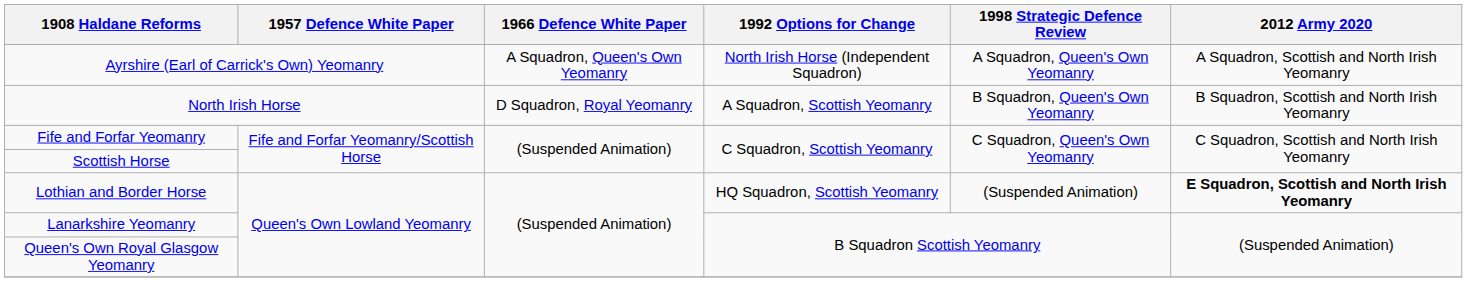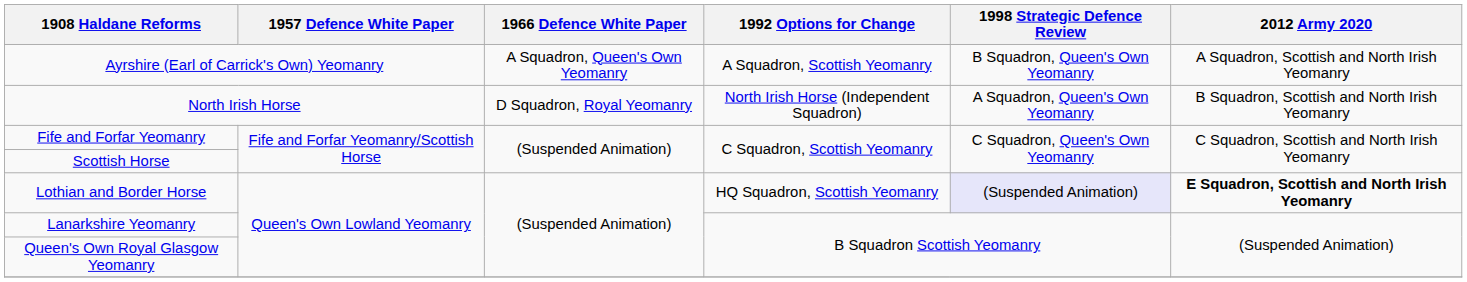 <table class="wikitable">
 <tr>
 <th>1908 <a href='#'>Haldane Reforms</a></th>
 <th>1957 <a href='#'>Defence White Paper</a></th>
 <th>1966 <a href='#'>Defence White Paper</a></th>
 <th>1992 <a href='#'>Options for Change</a></th>
 <th>1998 <a href='#'>Strategic Defence Review</a></th>
 <th>2012 <a href='#'>Army 2020</a></th>
 </tr>
 <tr>
 <td rowspan="1" colspan="2" style="text-align: center;"><a href='#'>Ayrshire (Earl of Carrick's Own) Yeomanry</a></td>
 <td rowspan="1" colspan="1" style="text-align: center;">A Squadron, <a href='#'>Queen's Own Yeomanry</a></td>
-<td rowspan="1" colspan="1" style="text-align: center;"><a href='#'>North Irish Horse</a> (Independent Squadron)</td>
-<td rowspan="1" colspan="1" style="text-align: center;">A Squadron, <a href='#'>Queen's Own Yeomanry</a></td>
+<td rowspan="1" colspan="1" style="text-align: center;">A Squadron, <a href='#'>Scottish Yeomanry</a></td>
+<td rowspan="1" colspan="1" style="text-align: center;">B Squadron, <a href='#'>Queen's Own Yeomanry</a></td>
 <td rowspan="1" colspan="1" style="text-align: center;">A Squadron, Scottish and North Irish Yeomanry</td>
 </tr>
 <tr>
 <td rowspan="1" colspan="2" style="text-align: center;"><a href='#'>North Irish Horse</a></td>
 <td rowspan="1" colspan="1" style="text-align: center;">D Squadron, <a href='#'>Royal Yeomanry</a></td>
-<td rowspan="1" colspan="1" style="text-align: center;">A Squadron, <a href='#'>Scottish Yeomanry</a></td>
-<td rowspan="1" colspan="1" style="text-align: center;">B Squadron, <a href='#'>Queen's Own Yeomanry</a></td>
+<td rowspan="1" colspan="1" style="text-align: center;"><a href='#'>North Irish Horse</a> (Independent Squadron)</td>
+<td rowspan="1" colspan="1" style="text-align: center;">A Squadron, <a href='#'>Queen's Own Yeomanry</a></td>
 <td rowspan="1" colspan="1" style="text-align: center;">B Squadron, Scottish and North Irish Yeomanry</td>
 </tr>
 <tr>
 <td rowspan="1" colspan="1" style="text-align: center;"><a href='#'>Fife and Forfar Yeomanry</a></td>
 <td rowspan="2" colspan="1" style="text-align: center;"><a href='#'>Fife and Forfar Yeomanry/Scottish Horse</a></td>
 <td rowspan="2" colspan="1" style="text-align: center;">(Suspended Animation)</td>
 <td rowspan="2" colspan="1" style="text-align: center;">C Squadron, <a href='#'>Scottish Yeomanry</a></td>
 <td rowspan="2" colspan="1" style="text-align: center;">C Squadron, <a href='#'>Queen's Own Yeomanry</a></td>
 <td rowspan="2" colspan="1" style="text-align: center;">C Squadron, Scottish and North Irish Yeomanry</td>
 </tr>
 <tr>
 <td rowspan="1" colspan="1" style="text-align: center;"><a href='#'>Scottish Horse</a></td>
 </tr>
 <tr>
 <td rowspan="1" colspan="1" style="text-align: center;"><a href='#'>Lothian and Border Horse</a></td>
 <td rowspan="3" colspan="1" style="text-align: center;"><a href='#'>Queen's Own Lowland Yeomanry</a></td>
 <td rowspan="3" colspan="1" style="text-align: center;">(Suspended Animation)</td>
 <td rowspan="1" colspan="1" style="text-align: center;">HQ Squadron, <a href='#'>Scottish Yeomanry</a></td>
-<td rowspan="1" colspan="1" style="text-align: center;">(Suspended Animation)</td>
+<td rowspan="1" colspan="1" style="background: lavender; text-align: center;">(Suspended Animation)</td>
 <td rowspan="1" colspan="1" style="text-align: center;"><strong>E Squadron, Scottish and North Irish Yeomanry</strong></td>
 </tr>
 <tr>
 <td rowspan="1" colspan="1" style="text-align: center;"><a href='#'>Lanarkshire Yeomanry</a></td>
 <td rowspan="2" colspan="2" style="text-align: center;">B Squadron <a href='#'>Scottish Yeomanry</a></td>
 <td rowspan="2" colspan="2" style="text-align: center;">(Suspended Animation)</td>
 </tr>
 <tr>
 <td rowspan="1" colspan="1" style="text-align: center;"><a href='#'>Queen's Own Royal Glasgow Yeomanry</a></td>
 </tr>
 <tr>
 </tr>
 </table>
